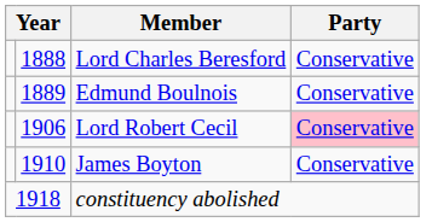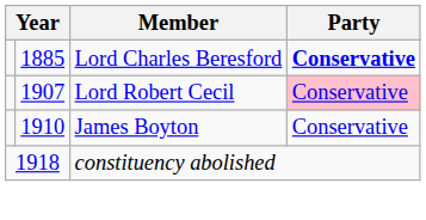 <table class="wikitable">
 <tr>
 <th colspan="2">Year</th>
 <th>Member</th>
 <th>Party</th>
 </tr>
 <tr>
 <td style="color:inherit;background-color: "></td>
-<td><a href='#'>1888</a></td>
+<td><a href='#'>1885</a></td>
 <td><a href='#'>Lord Charles Beresford</a></td>
-<td><a href='#'>Conservative</a></td>
+<td><strong><a href='#'>Conservative</a></strong></td>
 </tr>
 <tr>
 <td style="color:inherit;background-color: "></td>
-<td><a href='#'>1889</a></td>
-<td><a href='#'>Edmund Boulnois</a></td>
-<td><a href='#'>Conservative</a></td>
-</tr>
-<tr>
-<td style="color:inherit;background-color: "></td>
-<td><a href='#'>1906</a></td>
+<td><a href='#'>1907</a></td>
 <td><a href='#'>Lord Robert Cecil</a></td>
 <td style="background: pink;"><a href='#'>Conservative</a></td>
 </tr>
 <tr>
 <td style="color:inherit;background-color: "></td>
 <td><a href='#'>1910</a></td>
 <td><a href='#'>James Boyton</a></td>
 <td><a href='#'>Conservative</a></td>
 </tr>
 <tr>
 <td colspan="2" align="center"><a href='#'>1918</a></td>
 <td colspan="2"><em>constituency abolished</em></td>
 </tr>
 </table>
